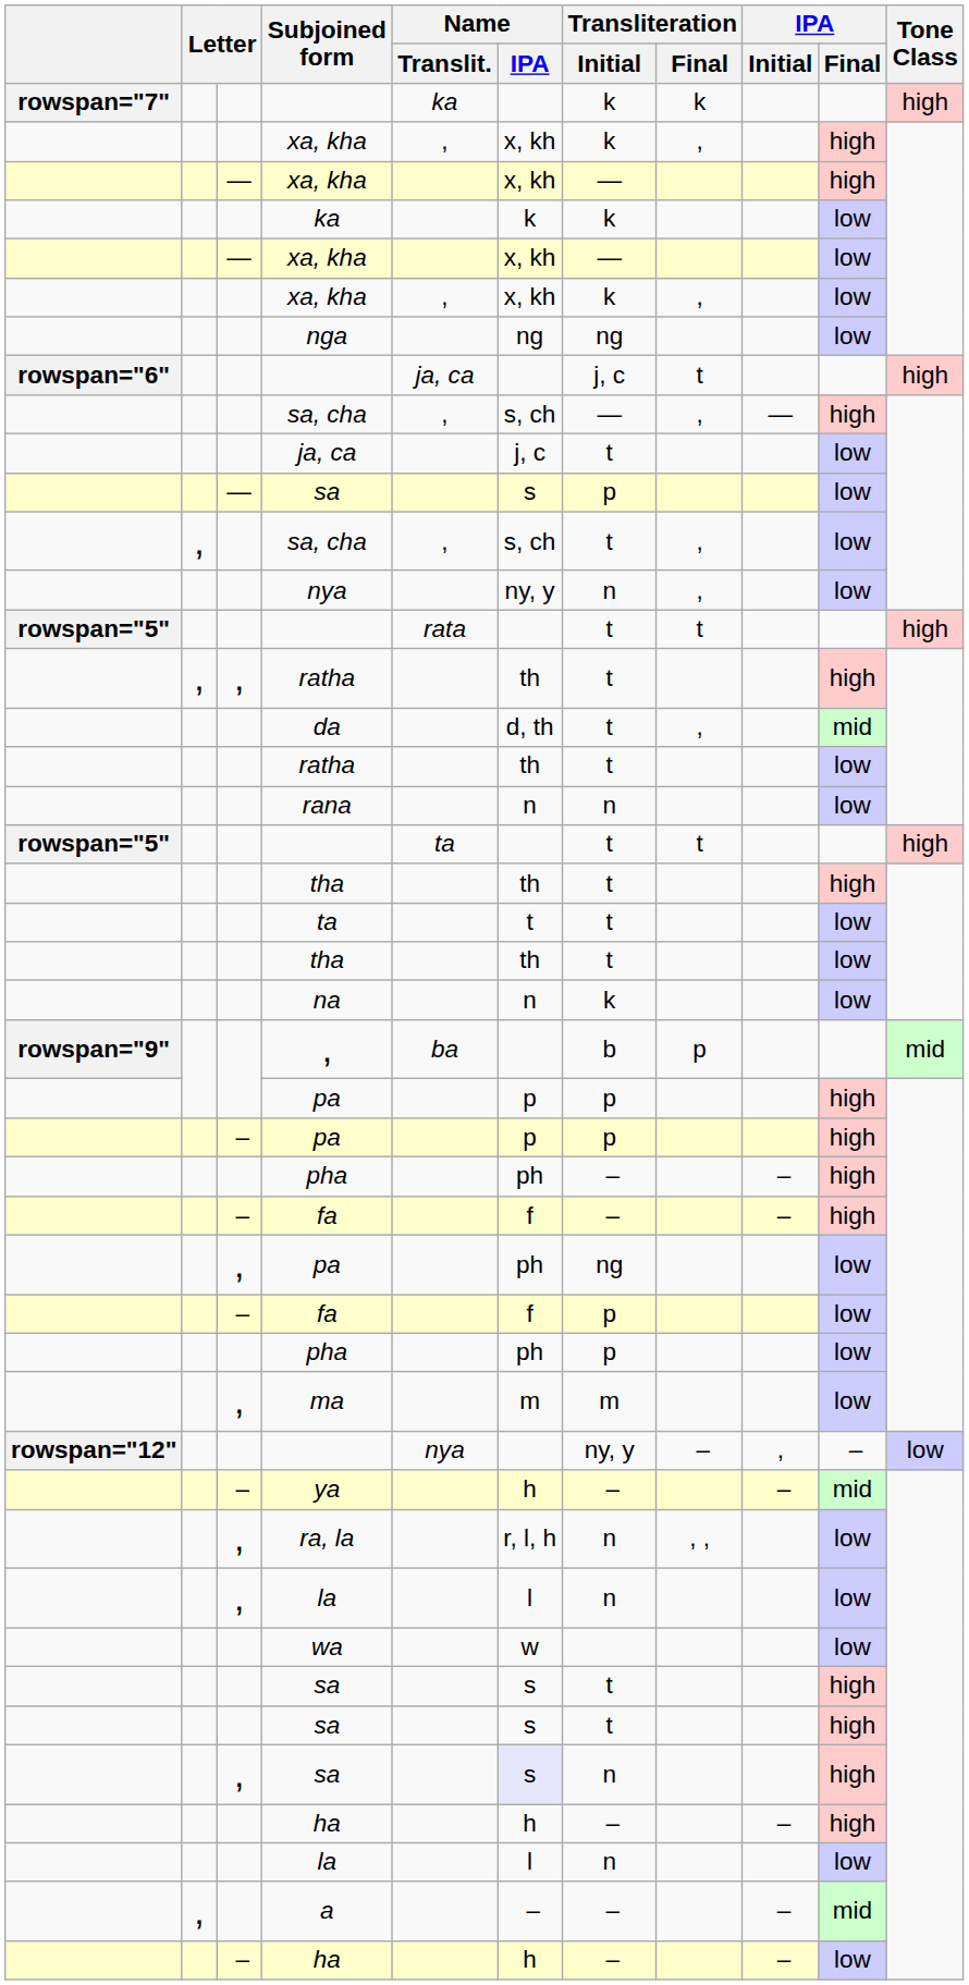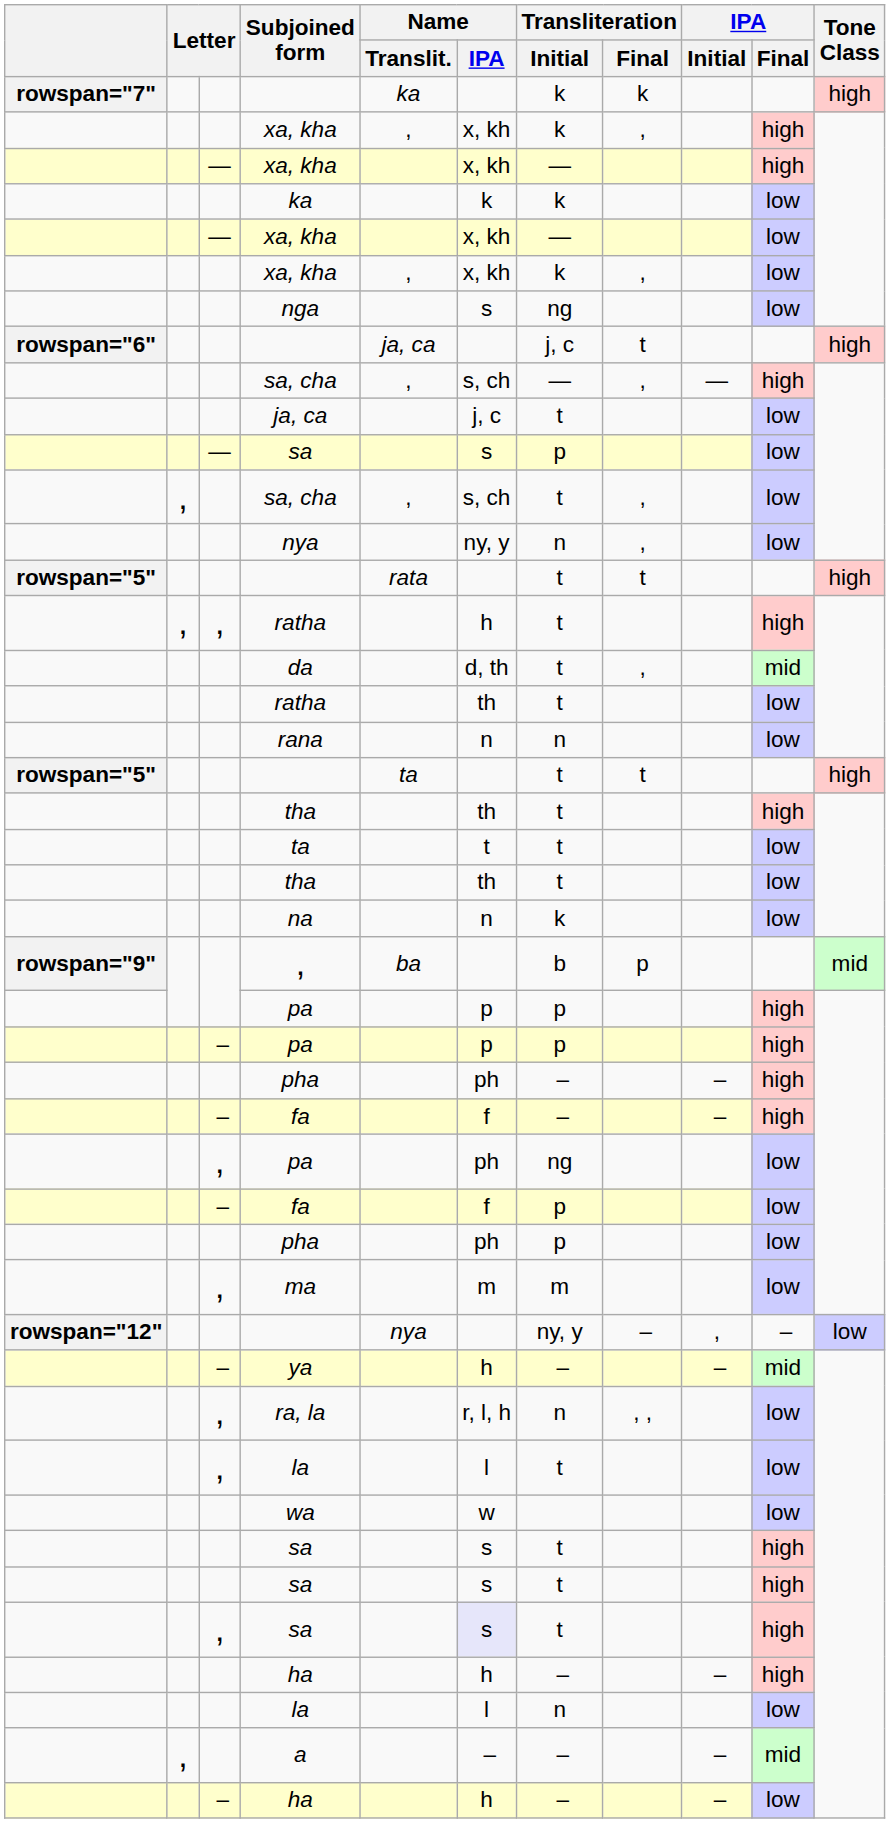 <table class="wikitable sortable" style="text-align: center;">
 <tr>
 <th rowspan="2"></th>
 <th colspan="2" rowspan="2">Letter</th>
 <th rowspan="2">Subjoined<br>form</th>
 <th colspan="2">Name</th>
 <th colspan="2">Transliteration</th>
 <th colspan="2"><a href='#'>IPA</a></th>
 <th rowspan="2">Tone<br>Class</th>
 </tr>
 <tr>
 <th>Translit.</th>
 <th><a href='#'>IPA</a></th>
 <th>Initial</th>
 <th>Final</th>
 <th>Initial</th>
 <th>Final</th>
 </tr>
 <tr>
 <th>rowspan="7" </th>
 <td style="font-size: 150%"></td>
 <td style="font-size: 150%"></td>
 <td style="font-size: 150%"></td>
 <td><em>ka</em></td>
 <td></td>
 <td>k</td>
 <td>k</td>
 <td></td>
 <td></td>
 <td style="background: #fcc">high</td>
 </tr>
 <tr>
 <td style="font-size: 150%"></td>
 <td style="font-size: 150%"></td>
 <td style="font-size: 150%"></td>
 <td><em>xa, kha</em></td>
 <td>, </td>
 <td>x, kh</td>
 <td>k</td>
 <td>, </td>
 <td></td>
 <td style="background: #fcc">high</td>
 </tr>
 <tr>
 <td style="background: #ffc"></td>
 <td style="background: #ffc; font-size: 150%"></td>
 <td style="background: #ffc">—</td>
 <td style="background: #ffc"><em>xa, kha</em></td>
 <td style="background: #ffc"></td>
 <td style="background: #ffc">x, kh</td>
 <td style="background: #ffc">—</td>
 <td style="background: #ffc"></td>
 <td style="background: #ffc"></td>
 <td style="background: #fcc">high</td>
 </tr>
 <tr>
 <td style="font-size: 150%"></td>
 <td style="font-size: 150%"></td>
 <td style="font-size: 150%"></td>
 <td><em>ka</em></td>
 <td></td>
 <td>k</td>
 <td>k</td>
 <td></td>
 <td></td>
 <td style="background: #ccf">low</td>
 </tr>
 <tr>
 <td style="background: #ffc"></td>
 <td style="background: #ffc; font-size: 150%"></td>
 <td style="background: #ffc">—</td>
 <td style="background: #ffc"><em>xa, kha</em></td>
 <td style="background: #ffc"></td>
 <td style="background: #ffc">x, kh</td>
 <td style="background: #ffc">—</td>
 <td style="background: #ffc"></td>
 <td style="background: #ffc"></td>
 <td style="background: #ccf">low</td>
 </tr>
 <tr>
 <td style="font-size: 150%"></td>
 <td style="font-size: 150%"></td>
 <td style="font-size: 150%"></td>
 <td><em>xa, kha</em></td>
 <td>, </td>
 <td>x, kh</td>
 <td>k</td>
 <td>, </td>
 <td></td>
 <td style="background: #ccf">low</td>
 </tr>
 <tr>
 <td style="font-size: 150%"></td>
 <td style="font-size: 150%"></td>
 <td style="font-size: 150%"></td>
 <td><em>nga</em></td>
 <td></td>
-<td>ng</td>
+<td>s</td>
 <td>ng</td>
 <td></td>
 <td></td>
 <td style="background: #ccf">low</td>
 </tr>
 <tr>
 <th>rowspan="6" </th>
 <td style="font-size: 150%"></td>
 <td style="font-size: 150%"></td>
 <td style="font-size: 150%"></td>
 <td><em>ja, ca</em></td>
 <td></td>
 <td>j, c</td>
 <td>t</td>
 <td></td>
 <td></td>
 <td style="background: #fcc">high</td>
 </tr>
 <tr>
 <td style="font-size: 150%"></td>
 <td style="font-size: 150%"></td>
 <td style="font-size: 150%"></td>
 <td><em>sa, cha</em></td>
 <td>, </td>
 <td>s, ch</td>
 <td>—</td>
 <td>, </td>
 <td>—</td>
 <td style="background: #fcc">high</td>
 </tr>
 <tr>
 <td style="font-size: 150%"></td>
 <td style="font-size: 150%"></td>
 <td style="font-size: 150%"></td>
 <td><em>ja, ca</em></td>
 <td></td>
 <td>j, c</td>
 <td>t</td>
 <td></td>
 <td></td>
 <td style="background: #ccf">low</td>
 </tr>
 <tr>
 <td style="background: #ffc"></td>
 <td style="background: #ffc; font-size: 150%"></td>
 <td style="background: #ffc">—</td>
 <td style="background: #ffc"><em>sa</em></td>
 <td style="background: #ffc"></td>
 <td style="background: #ffc">s</td>
 <td style="background: #ffc">p</td>
 <td style="background: #ffc"></td>
 <td style="background: #ffc"></td>
 <td style="background: #ccf">low</td>
 </tr>
 <tr>
 <td style="font-size: 150%"></td>
 <td style="font-size: 150%">, </td>
 <td style="font-size: 150%"></td>
 <td><em>sa, cha</em></td>
 <td>, </td>
 <td>s, ch</td>
 <td>t</td>
 <td>, </td>
 <td></td>
 <td style="background: #ccf">low</td>
 </tr>
 <tr>
 <td style="font-size: 150%"></td>
 <td style="font-size: 150%"></td>
 <td style="font-size: 150%"></td>
 <td><em>nya</em></td>
 <td></td>
 <td>ny, y</td>
 <td>n</td>
 <td>, </td>
 <td></td>
 <td style="background: #ccf">low</td>
 </tr>
 <tr>
 <th>rowspan="5" </th>
 <td style="font-size: 150%"></td>
 <td style="font-size: 150%"></td>
 <td style="font-size: 150%"></td>
 <td><em>rata</em></td>
 <td></td>
 <td>t</td>
 <td>t</td>
 <td></td>
 <td></td>
 <td style="background: #fcc">high</td>
 </tr>
 <tr>
 <td style="font-size: 150%"></td>
 <td style="font-size: 150%">, </td>
 <td style="font-size: 150%"> , </td>
 <td><em>ratha</em></td>
 <td></td>
-<td>th</td>
+<td>h</td>
 <td>t</td>
 <td></td>
 <td></td>
 <td style="background: #fcc">high</td>
 </tr>
 <tr>
 <td style="font-size: 150%"></td>
 <td style="font-size: 150%"></td>
 <td style="font-size: 150%"></td>
 <td><em>da</em></td>
 <td></td>
 <td>d, th</td>
 <td>t</td>
 <td>, </td>
 <td></td>
 <td style="background: #cfc">mid</td>
 </tr>
 <tr>
 <td style="font-size: 150%"></td>
 <td style="font-size: 150%"></td>
 <td style="font-size: 150%"></td>
 <td><em>ratha</em></td>
 <td></td>
 <td>th</td>
 <td>t</td>
 <td></td>
 <td></td>
 <td style="background: #ccf">low</td>
 </tr>
 <tr>
 <td style="font-size: 150%"></td>
 <td style="font-size: 150%"></td>
 <td style="font-size: 150%"></td>
 <td><em>rana</em></td>
 <td></td>
 <td>n</td>
 <td>n</td>
 <td></td>
 <td></td>
 <td style="background: #ccf">low</td>
 </tr>
 <tr>
 <th>rowspan="5" </th>
 <td style="font-size: 150%"></td>
 <td style="font-size: 150%"></td>
 <td style="font-size: 150%"></td>
 <td><em>ta</em></td>
 <td></td>
 <td>t</td>
 <td>t</td>
 <td></td>
 <td></td>
 <td style="background: #fcc">high</td>
 </tr>
 <tr>
 <td style="font-size: 150%"></td>
 <td style="font-size: 150%"></td>
 <td style="font-size: 150%"></td>
 <td><em>tha</em></td>
 <td></td>
 <td>th</td>
 <td>t</td>
 <td></td>
 <td></td>
 <td style="background: #fcc">high</td>
 </tr>
 <tr>
 <td style="font-size: 150%"></td>
 <td style="font-size: 150%"></td>
 <td style="font-size: 150%"></td>
 <td><em>ta</em></td>
 <td></td>
 <td>t</td>
 <td>t</td>
 <td></td>
 <td></td>
 <td style="background: #ccf">low</td>
 </tr>
 <tr>
 <td style="font-size: 150%"></td>
 <td style="font-size: 150%"></td>
 <td style="font-size: 150%"></td>
 <td><em>tha</em></td>
 <td></td>
 <td>th</td>
 <td>t</td>
 <td></td>
 <td></td>
 <td style="background: #ccf">low</td>
 </tr>
 <tr>
 <td style="font-size: 150%"></td>
 <td style="font-size: 150%"></td>
 <td style="font-size: 150%"></td>
 <td><em>na</em></td>
 <td></td>
 <td>n</td>
 <td>k</td>
 <td></td>
 <td></td>
 <td style="background: #ccf">low</td>
 </tr>
 <tr>
 <th>rowspan="9" </th>
 <td rowspan="2" style="font-size: 150%"></td>
 <td rowspan="2" style="font-size: 150%"></td>
 <td style="font-size: 150%"> , </td>
 <td><em>ba</em></td>
 <td></td>
 <td>b</td>
 <td>p</td>
 <td></td>
 <td></td>
 <td style="background: #cfc">mid</td>
 </tr>
 <tr>
 <td style="font-size: 150%"></td>
 <td><em>pa</em></td>
 <td></td>
 <td>p</td>
 <td>p</td>
 <td></td>
 <td></td>
 <td style="background: #fcc">high</td>
 </tr>
 <tr>
 <td style="background: #ffc"></td>
 <td style="background: #ffc; font-size: 150%"></td>
 <td style="background: #ffc"> –</td>
 <td style="background: #ffc"><em>pa</em></td>
 <td style="background: #ffc"></td>
 <td style="background: #ffc">p</td>
 <td style="background: #ffc">p</td>
 <td style="background: #ffc"></td>
 <td style="background: #ffc"></td>
 <td style="background: #fcc">high</td>
 </tr>
 <tr>
 <td style="font-size: 150%"></td>
 <td style="font-size: 150%"></td>
 <td style="font-size: 150%"></td>
 <td><em>pha</em></td>
 <td></td>
 <td>ph</td>
 <td> –</td>
 <td></td>
 <td> –</td>
 <td style="background: #fcc">high</td>
 </tr>
 <tr>
 <td style="background: #ffc"></td>
 <td style="background: #ffc; font-size: 150%"></td>
 <td style="background: #ffc"> –</td>
 <td style="background: #ffc"><em>fa</em></td>
 <td style="background: #ffc"></td>
 <td style="background: #ffc">f</td>
 <td style="background: #ffc"> –</td>
 <td style="background: #ffc"></td>
 <td style="background: #ffc"> –</td>
 <td style="background: #fcc">high</td>
 </tr>
 <tr>
 <td style="font-size: 150%"></td>
 <td style="font-size: 150%"></td>
 <td style="font-size: 150%"> , </td>
 <td><em>pa</em></td>
 <td></td>
 <td>ph</td>
 <td>ng</td>
 <td></td>
 <td></td>
 <td style="background: #ccf">low</td>
 </tr>
 <tr>
 <td style="background: #ffc"></td>
 <td style="background: #ffc; font-size: 150%"></td>
 <td style="background: #ffc"> –</td>
 <td style="background: #ffc"><em>fa</em></td>
 <td style="background: #ffc"></td>
 <td style="background: #ffc">f</td>
 <td style="background: #ffc">p</td>
 <td style="background: #ffc"></td>
 <td style="background: #ffc"></td>
 <td style="background: #ccf">low</td>
 </tr>
 <tr>
 <td style="font-size: 150%"></td>
 <td style="font-size: 150%"></td>
 <td style="font-size: 150%"></td>
 <td><em>pha</em></td>
 <td></td>
 <td>ph</td>
 <td>p</td>
 <td></td>
 <td></td>
 <td style="background: #ccf">low</td>
 </tr>
 <tr>
 <td style="font-size: 150%"></td>
 <td style="font-size: 150%"></td>
 <td style="font-size: 150%"> , </td>
 <td><em>ma</em></td>
 <td></td>
 <td>m</td>
 <td>m</td>
 <td></td>
 <td></td>
 <td style="background: #ccf">low</td>
 </tr>
 <tr>
 <th>rowspan="12" </th>
 <td style="font-size: 150%"></td>
 <td style="font-size: 150%"></td>
 <td style="font-size: 150%"></td>
 <td><em>nya</em></td>
 <td></td>
 <td>ny, y</td>
 <td> –</td>
 <td>, </td>
 <td> –</td>
 <td style="background: #ccf">low</td>
 </tr>
 <tr>
 <td style="background: #ffc"></td>
 <td style="background: #ffc; font-size: 150%"></td>
 <td style="background: #ffc"> –</td>
 <td style="background: #ffc"><em>ya</em></td>
 <td style="background: #ffc"></td>
 <td style="background: #ffc">h</td>
 <td style="background: #ffc"> –</td>
 <td style="background: #ffc"></td>
 <td style="background: #ffc"> –</td>
 <td style="background: #cfc">mid</td>
 </tr>
 <tr>
 <td style="font-size: 150%"></td>
 <td style="font-size: 150%"></td>
 <td style="font-size: 150%"> , </td>
 <td><em>ra, la</em></td>
 <td></td>
 <td>r, l, h</td>
 <td>n</td>
 <td>, , </td>
 <td></td>
 <td style="background: #ccf">low</td>
 </tr>
 <tr>
 <td style="font-size: 150%"></td>
 <td style="font-size: 150%"></td>
 <td style="font-size: 150%"> ,  </td>
 <td><em>la</em></td>
 <td></td>
 <td>l</td>
-<td>n</td>
+<td>t</td>
 <td></td>
 <td></td>
 <td style="background: #ccf">low</td>
 </tr>
 <tr>
 <td style="font-size: 150%"></td>
 <td style="font-size: 150%"></td>
 <td style="font-size: 150%"></td>
 <td><em>wa</em></td>
 <td></td>
 <td>w</td>
 <td></td>
 <td></td>
 <td></td>
 <td style="background: #ccf">low</td>
 </tr>
 <tr>
 <td style="font-size: 150%"></td>
 <td style="font-size: 150%"></td>
 <td style="font-size: 150%"></td>
 <td><em>sa</em></td>
 <td></td>
 <td>s</td>
 <td>t</td>
 <td></td>
 <td></td>
 <td style="background: #fcc">high</td>
 </tr>
 <tr>
 <td style="font-size: 150%"></td>
 <td style="font-size: 150%"></td>
 <td style="font-size: 150%"></td>
 <td><em>sa</em></td>
 <td></td>
 <td>s</td>
 <td>t</td>
 <td></td>
 <td></td>
 <td style="background: #fcc">high</td>
 </tr>
 <tr>
 <td style="font-size: 150%"></td>
 <td style="font-size: 150%"></td>
 <td style="font-size: 150%"> ,  </td>
 <td><em>sa</em></td>
 <td></td>
 <td style="background: lavender;">s</td>
-<td>n</td>
+<td>t</td>
 <td></td>
 <td></td>
 <td style="background: #fcc">high</td>
 </tr>
 <tr>
 <td style="font-size: 150%"></td>
 <td style="font-size: 150%"></td>
 <td style="font-size: 150%"></td>
 <td><em>ha</em></td>
 <td></td>
 <td>h</td>
 <td> –</td>
 <td></td>
 <td> –</td>
 <td style="background: #fcc">high</td>
 </tr>
 <tr>
 <td style="font-size: 150%"></td>
 <td style="font-size: 150%"></td>
 <td style="font-size: 150%"></td>
 <td><em>la</em></td>
 <td></td>
 <td>l</td>
 <td>n</td>
 <td></td>
 <td></td>
 <td style="background: #ccf">low</td>
 </tr>
 <tr>
 <td style="font-size: 150%"></td>
 <td style="font-size: 150%">, </td>
 <td style="font-size: 150%"></td>
 <td><em>a</em></td>
 <td></td>
 <td> –</td>
 <td> –</td>
 <td></td>
 <td> –</td>
 <td style="background: #cfc">mid</td>
 </tr>
 <tr>
 <td style="background: #ffc;"></td>
 <td style="background: #ffc; font-size: 150%"></td>
 <td style="background: #ffc"> –</td>
 <td style="background: #ffc"><em>ha</em></td>
 <td style="background: #ffc"></td>
 <td style="background: #ffc">h</td>
 <td style="background: #ffc"> –</td>
 <td style="background: #ffc"></td>
 <td style="background: #ffc"> –</td>
 <td style="background: #ccf">low</td>
 </tr>
 </table>
